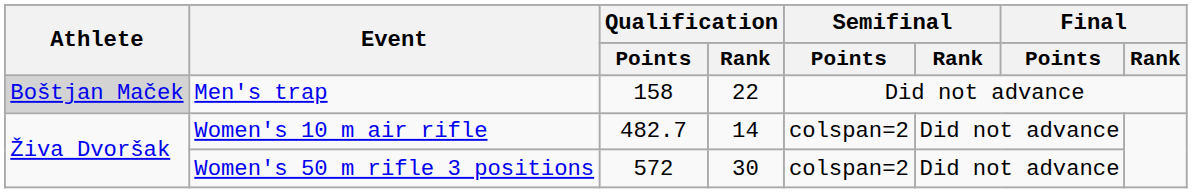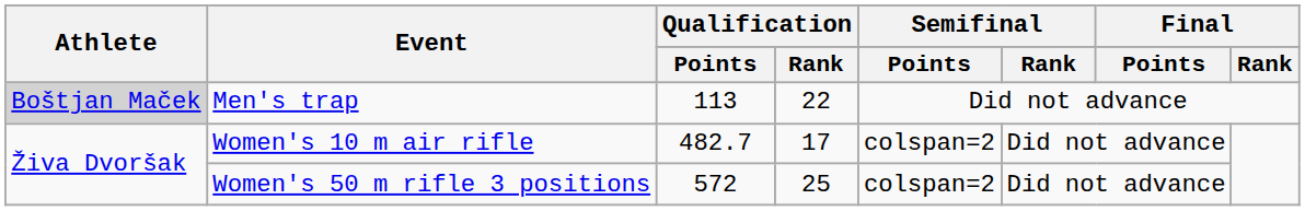 <table class="wikitable" style="font-size:90%">
 <tr>
 <th rowspan=2>Athlete</th>
 <th rowspan=2>Event</th>
 <th colspan=2>Qualification</th>
 <th colspan=2>Semifinal</th>
 <th colspan=2>Final</th>
 </tr>
 <tr style="font-size:95%">
 <th>Points</th>
 <th>Rank</th>
 <th>Points</th>
 <th>Rank</th>
 <th>Points</th>
 <th>Rank</th>
 </tr>
 <tr align=center>
 <td align=left style="background: lightgrey;"><a href='#'>Boštjan Maček</a></td>
 <td align=left><a href='#'>Men's trap</a></td>
-<td>158</td>
+<td>113</td>
 <td>22</td>
 <td colspan=4>Did not advance</td>
 </tr>
 <tr align=center>
 <td align=left rowspan=2><a href='#'>Živa Dvoršak</a></td>
 <td align=left><a href='#'>Women's 10 m air rifle</a></td>
 <td>482.7</td>
-<td>14</td>
+<td>17</td>
 <td>colspan=2 </td>
 <td colspan=2>Did not advance</td>
 </tr>
 <tr align=center>
 <td align=left><a href='#'>Women's 50 m rifle 3 positions</a></td>
 <td>572</td>
-<td>30</td>
+<td>25</td>
 <td>colspan=2 </td>
 <td colspan=2>Did not advance</td>
 </tr>
 </table>
